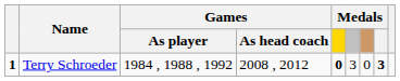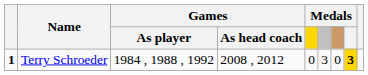 <table class="wikitable sortable" style="text-align: center; font-size: 90%; margin-left: 1em;">
 <tr>
 <th rowspan="2"></th>
 <th rowspan="2">Name</th>
 <th colspan="2">Games</th>
 <th colspan="4">Medals</th>
 <th rowspan="2"></th>
 </tr>
 <tr>
 <th>As player</th>
 <th>As head coach</th>
 <th style="background-color: gold;"></th>
 <th style="background-color: silver;"></th>
 <th style="background-color: #cc9966;"></th>
 <th></th>
 </tr>
 <tr>
 <td><strong>1</strong></td>
 <td style="text-align: left;" data-sort-value="Schroeder, Terry"><a href='#'>Terry Schroeder</a></td>
 <td style="text-align: left;">1984 , 1988 , 1992</td>
 <td style="text-align: left;">2008 , 2012</td>
-<td><strong>0</strong></td>
+<td>0</td>
 <td>3</td>
 <td>0</td>
-<td><strong>3</strong></td>
+<td style="background: gold;"><strong>3</strong></td>
 <td style="text-align: left;"></td>
 </tr>
 </table>
